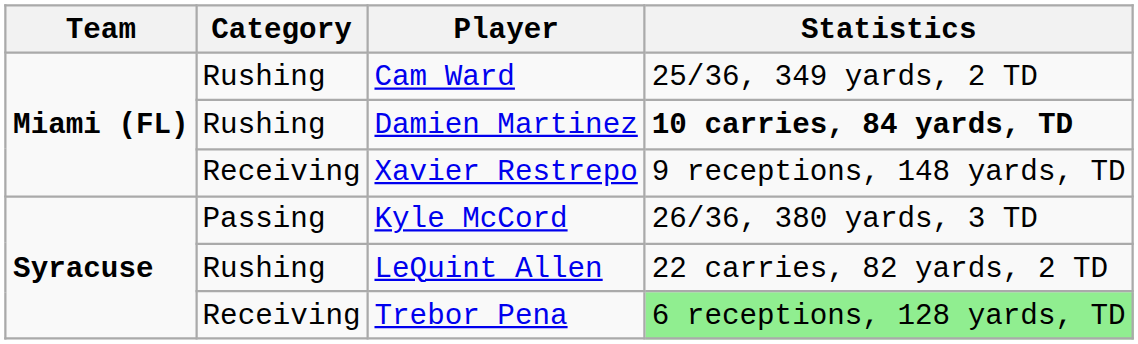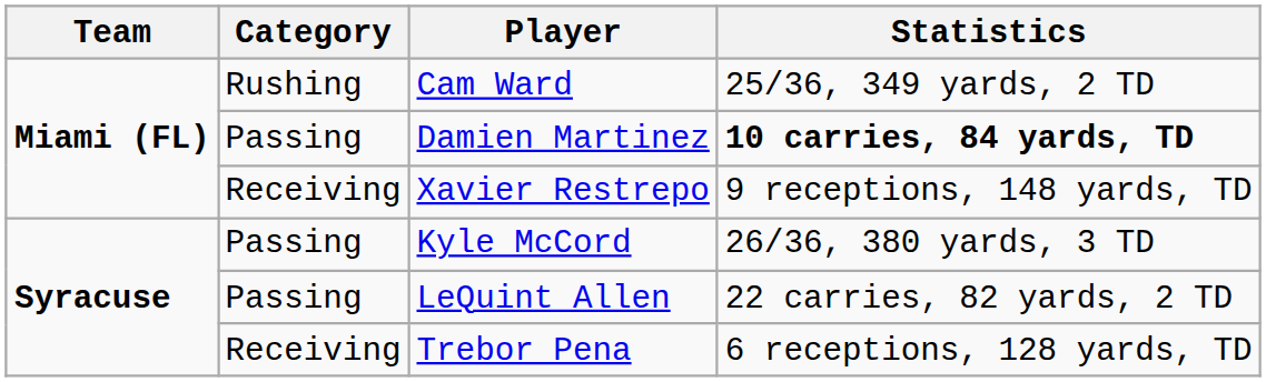 <table class="wikitable" style="float: right;">
 <tr>
 <th>Team</th>
 <th>Category</th>
 <th>Player</th>
 <th>Statistics</th>
 </tr>
 <tr>
 <td rowspan=3><strong>Miami (FL)</strong></td>
 <td>Rushing</td>
 <td><a href='#'>Cam Ward</a></td>
 <td>25/36, 349 yards, 2 TD</td>
 </tr>
 <tr>
-<td>Rushing</td>
+<td>Passing</td>
 <td><a href='#'>Damien Martinez</a></td>
 <td><strong>10 carries, 84 yards, TD</strong></td>
 </tr>
 <tr>
 <td>Receiving</td>
 <td><a href='#'>Xavier Restrepo</a></td>
 <td>9 receptions, 148 yards, TD</td>
 </tr>
 <tr>
 <td rowspan=3><strong>Syracuse</strong></td>
 <td>Passing</td>
 <td><a href='#'>Kyle McCord</a></td>
 <td>26/36, 380 yards, 3 TD</td>
 </tr>
 <tr>
-<td>Rushing</td>
+<td>Passing</td>
 <td><a href='#'>LeQuint Allen</a></td>
 <td>22 carries, 82 yards, 2 TD</td>
 </tr>
 <tr>
 <td>Receiving</td>
 <td><a href='#'>Trebor Pena</a></td>
-<td style="background: lightgreen;">6 receptions, 128 yards, TD</td>
+<td>6 receptions, 128 yards, TD</td>
 </tr>
 </table>
